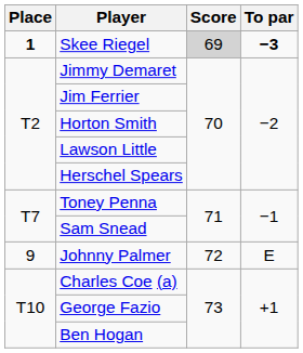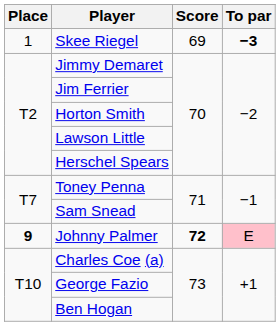 <table class="wikitable">
 <tr>
 <th>Place</th>
 <th>Player</th>
 <th>Score</th>
 <th>To par</th>
 </tr>
 <tr>
-<td align="center"><strong>1</strong></td>
+<td align="center">1</td>
 <td> <a href='#'>Skee Riegel</a></td>
-<td align="center" style="background: lightgrey;">69</td>
+<td align="center">69</td>
 <td align="center"><strong>−3</strong></td>
 </tr>
 <tr>
 <td rowspan="5" align="center">T2</td>
 <td> <a href='#'>Jimmy Demaret</a></td>
 <td rowspan="5" align="center">70</td>
 <td rowspan="5" align="center">−2</td>
 </tr>
 <tr>
 <td> <a href='#'>Jim Ferrier</a></td>
 </tr>
 <tr>
 <td> <a href='#'>Horton Smith</a></td>
 </tr>
 <tr>
 <td> <a href='#'>Lawson Little</a></td>
 </tr>
 <tr>
 <td> <a href='#'>Herschel Spears</a></td>
 </tr>
 <tr>
 <td rowspan="2" align="center">T7</td>
 <td> <a href='#'>Toney Penna</a></td>
 <td rowspan="2" align="center">71</td>
 <td rowspan="2" align="center">−1</td>
 </tr>
 <tr>
 <td> <a href='#'>Sam Snead</a></td>
 </tr>
 <tr>
-<td align="center">9</td>
+<td align="center"><strong>9</strong></td>
 <td> <a href='#'>Johnny Palmer</a></td>
-<td align="center">72</td>
-<td align="center">E</td>
+<td align="center"><strong>72</strong></td>
+<td align="center" style="background: pink;">E</td>
 </tr>
 <tr>
 <td rowspan="3" align="center">T10</td>
 <td> <a href='#'>Charles Coe</a> <a href='#'>(a)</a></td>
 <td rowspan="3" align="center">73</td>
 <td rowspan="3" align="center">+1</td>
 </tr>
 <tr>
 <td> <a href='#'>George Fazio</a></td>
 </tr>
 <tr>
 <td> <a href='#'>Ben Hogan</a></td>
 </tr>
 </table>
